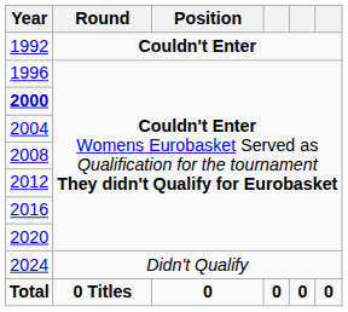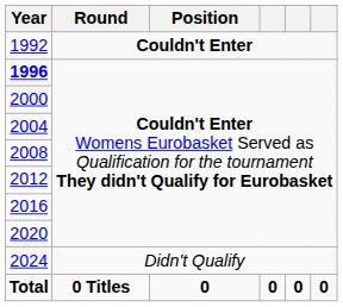 <table class="wikitable" style="text-align: center;">
 <tr>
 <th>Year</th>
 <th>Round</th>
 <th>Position</th>
 <th></th>
 <th></th>
 <th></th>
 </tr>
 <tr>
 <td> <a href='#'>1992</a></td>
 <td colspan=5><strong>Couldn't Enter</strong></td>
 </tr>
 <tr>
-<td> <a href='#'>1996</a></td>
+<td><strong> <a href='#'>1996</a></strong></td>
 <td colspan=5 rowspan=7><strong>Couldn't Enter</strong><br> <a href='#'>Womens Eurobasket</a> Served as <br> <em>Qualification for the tournament</em> <br> <strong>They didn't Qualify for Eurobasket</strong></td>
 </tr>
 <tr>
-<td><strong> <a href='#'>2000</a></strong></td>
+<td> <a href='#'>2000</a></td>
 </tr>
 <tr>
 <td> <a href='#'>2004</a></td>
 </tr>
 <tr>
 <td> <a href='#'>2008</a></td>
 </tr>
 <tr>
 <td> <a href='#'>2012</a></td>
 </tr>
 <tr>
 <td> <a href='#'>2016</a></td>
 </tr>
 <tr>
 <td> <a href='#'>2020</a></td>
 </tr>
 <tr>
 <td> <a href='#'>2024</a></td>
 <td colspan=5><em>Didn't Qualify</em></td>
 </tr>
 <tr>
 <td colspan=1><strong>Total</strong></td>
 <td><strong>0 Titles</strong></td>
 <td><strong>0</strong></td>
 <td><strong>0</strong></td>
 <td><strong>0</strong></td>
 <td><strong>0</strong></td>
 </tr>
 </table>
